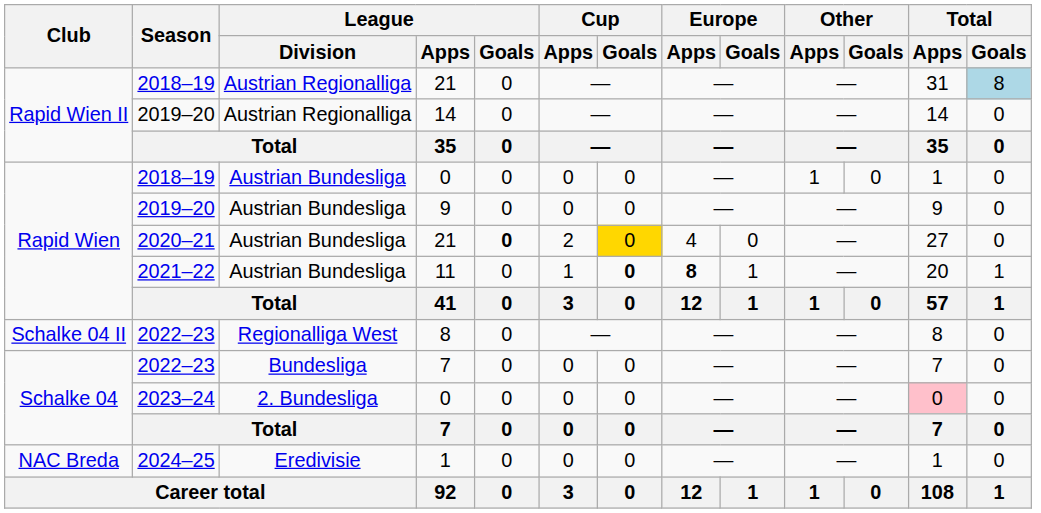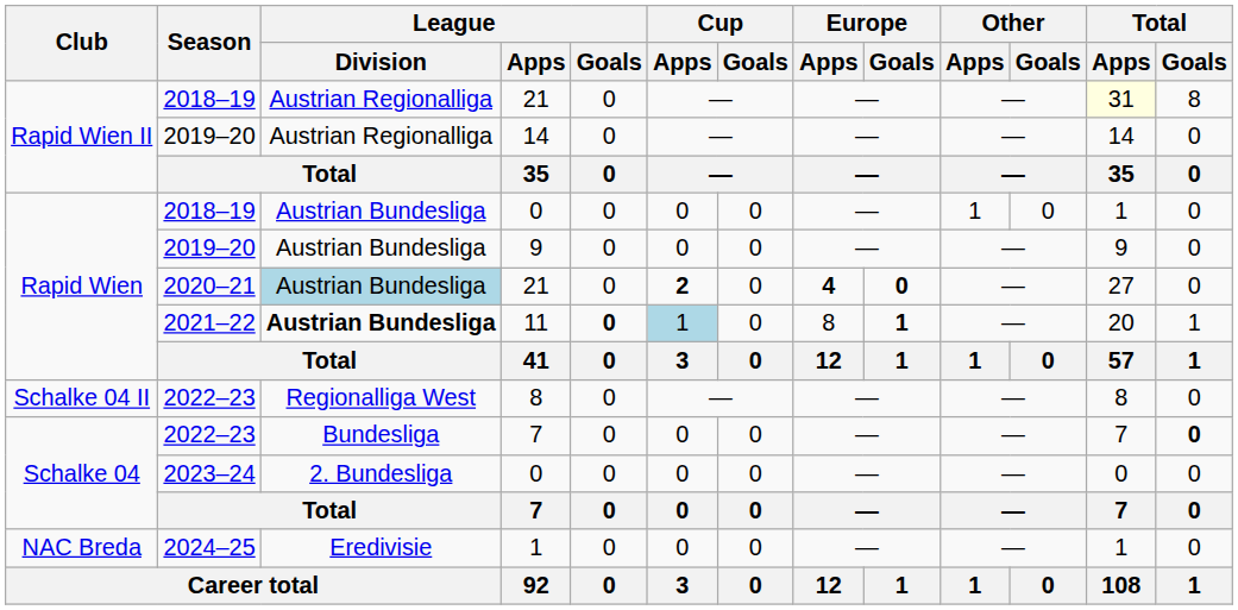 <table class="wikitable" style="text-align:center">
 <tr>
 <th rowspan="2">Club</th>
 <th rowspan="2">Season</th>
 <th colspan="3">League</th>
 <th colspan="2">Cup</th>
 <th colspan="2">Europe</th>
 <th colspan="2">Other</th>
 <th colspan="2">Total</th>
 </tr>
 <tr>
 <th>Division</th>
 <th>Apps</th>
 <th>Goals</th>
 <th>Apps</th>
 <th>Goals</th>
 <th>Apps</th>
 <th>Goals</th>
 <th>Apps</th>
 <th>Goals</th>
 <th>Apps</th>
 <th>Goals</th>
 </tr>
 <tr>
 <td rowspan="3"><a href='#'>Rapid Wien II</a></td>
 <td><a href='#'>2018–19</a></td>
 <td><a href='#'>Austrian Regionalliga</a></td>
 <td>21</td>
 <td>0</td>
 <td colspan="2">—</td>
 <td colspan="2">—</td>
 <td colspan="2">—</td>
-<td>31</td>
-<td style="background: lightblue;">8</td>
+<td style="background: lightyellow;">31</td>
+<td>8</td>
 </tr>
 <tr>
 <td>2019–20</td>
 <td>Austrian Regionalliga</td>
 <td>14</td>
 <td>0</td>
 <td colspan="2">—</td>
 <td colspan="2">—</td>
 <td colspan="2">—</td>
 <td>14</td>
 <td>0</td>
 </tr>
 <tr>
 <th colspan="2">Total</th>
 <th>35</th>
 <th>0</th>
 <th colspan="2">—</th>
 <th colspan="2">—</th>
 <th colspan="2">—</th>
 <th>35</th>
 <th>0</th>
 </tr>
 <tr>
 <td rowspan="5"><a href='#'>Rapid Wien</a></td>
 <td><a href='#'>2018–19</a></td>
 <td><a href='#'>Austrian Bundesliga</a></td>
 <td>0</td>
 <td>0</td>
 <td>0</td>
 <td>0</td>
 <td colspan="2">—</td>
 <td>1</td>
 <td>0</td>
 <td>1</td>
 <td>0</td>
 </tr>
 <tr>
 <td><a href='#'>2019–20</a></td>
 <td>Austrian Bundesliga</td>
 <td>9</td>
 <td>0</td>
 <td>0</td>
 <td>0</td>
 <td colspan="2">—</td>
 <td colspan="2">—</td>
 <td>9</td>
 <td>0</td>
 </tr>
 <tr>
 <td><a href='#'>2020–21</a></td>
-<td>Austrian Bundesliga</td>
+<td style="background: lightblue;">Austrian Bundesliga</td>
 <td>21</td>
+<td>0</td>
+<td><strong>2</strong></td>
+<td>0</td>
+<td><strong>4</strong></td>
 <td><strong>0</strong></td>
-<td>2</td>
-<td style="background: gold;">0</td>
-<td>4</td>
-<td>0</td>
 <td colspan="2">—</td>
 <td>27</td>
 <td>0</td>
 </tr>
 <tr>
 <td><a href='#'>2021–22</a></td>
-<td>Austrian Bundesliga</td>
+<td><strong>Austrian Bundesliga</strong></td>
 <td>11</td>
+<td><strong>0</strong></td>
+<td style="background: lightblue;">1</td>
 <td>0</td>
-<td>1</td>
-<td><strong>0</strong></td>
-<td><strong>8</strong></td>
-<td>1</td>
+<td>8</td>
+<td><strong>1</strong></td>
 <td colspan="2">—</td>
 <td>20</td>
 <td>1</td>
 </tr>
 <tr>
 <th colspan="2">Total</th>
 <th>41</th>
 <th>0</th>
 <th>3</th>
 <th>0</th>
 <th>12</th>
 <th>1</th>
 <th>1</th>
 <th>0</th>
 <th>57</th>
 <th>1</th>
 </tr>
 <tr>
 <td><a href='#'>Schalke 04 II</a></td>
 <td><a href='#'>2022–23</a></td>
 <td><a href='#'>Regionalliga West</a></td>
 <td>8</td>
 <td>0</td>
 <td colspan="2">—</td>
 <td colspan="2">—</td>
 <td colspan="2">—</td>
 <td>8</td>
 <td>0</td>
 </tr>
 <tr>
 <td rowspan="3"><a href='#'>Schalke 04</a></td>
 <td><a href='#'>2022–23</a></td>
 <td><a href='#'>Bundesliga</a></td>
 <td>7</td>
 <td>0</td>
 <td>0</td>
 <td>0</td>
 <td colspan="2">—</td>
 <td colspan="2">—</td>
 <td>7</td>
-<td>0</td>
+<td><strong>0</strong></td>
 </tr>
 <tr>
 <td><a href='#'>2023–24</a></td>
 <td><a href='#'>2. Bundesliga</a></td>
 <td>0</td>
 <td>0</td>
 <td>0</td>
 <td>0</td>
 <td colspan="2">—</td>
 <td colspan="2">—</td>
-<td style="background: pink;">0</td>
+<td>0</td>
 <td>0</td>
 </tr>
 <tr>
 <th colspan="2">Total</th>
 <th>7</th>
 <th>0</th>
 <th>0</th>
 <th>0</th>
 <th colspan="2">—</th>
 <th colspan="2">—</th>
 <th>7</th>
 <th>0</th>
 </tr>
 <tr>
 <td><a href='#'>NAC Breda</a></td>
 <td><a href='#'>2024–25</a></td>
 <td><a href='#'>Eredivisie</a></td>
 <td>1</td>
 <td>0</td>
 <td>0</td>
 <td>0</td>
 <td colspan="2">—</td>
 <td colspan="2">—</td>
 <td>1</td>
 <td>0</td>
 </tr>
 <tr>
 <th colspan="3">Career total</th>
 <th>92</th>
 <th>0</th>
 <th>3</th>
 <th>0</th>
 <th>12</th>
 <th>1</th>
 <th>1</th>
 <th>0</th>
 <th>108</th>
 <th>1</th>
 </tr>
 </table>
